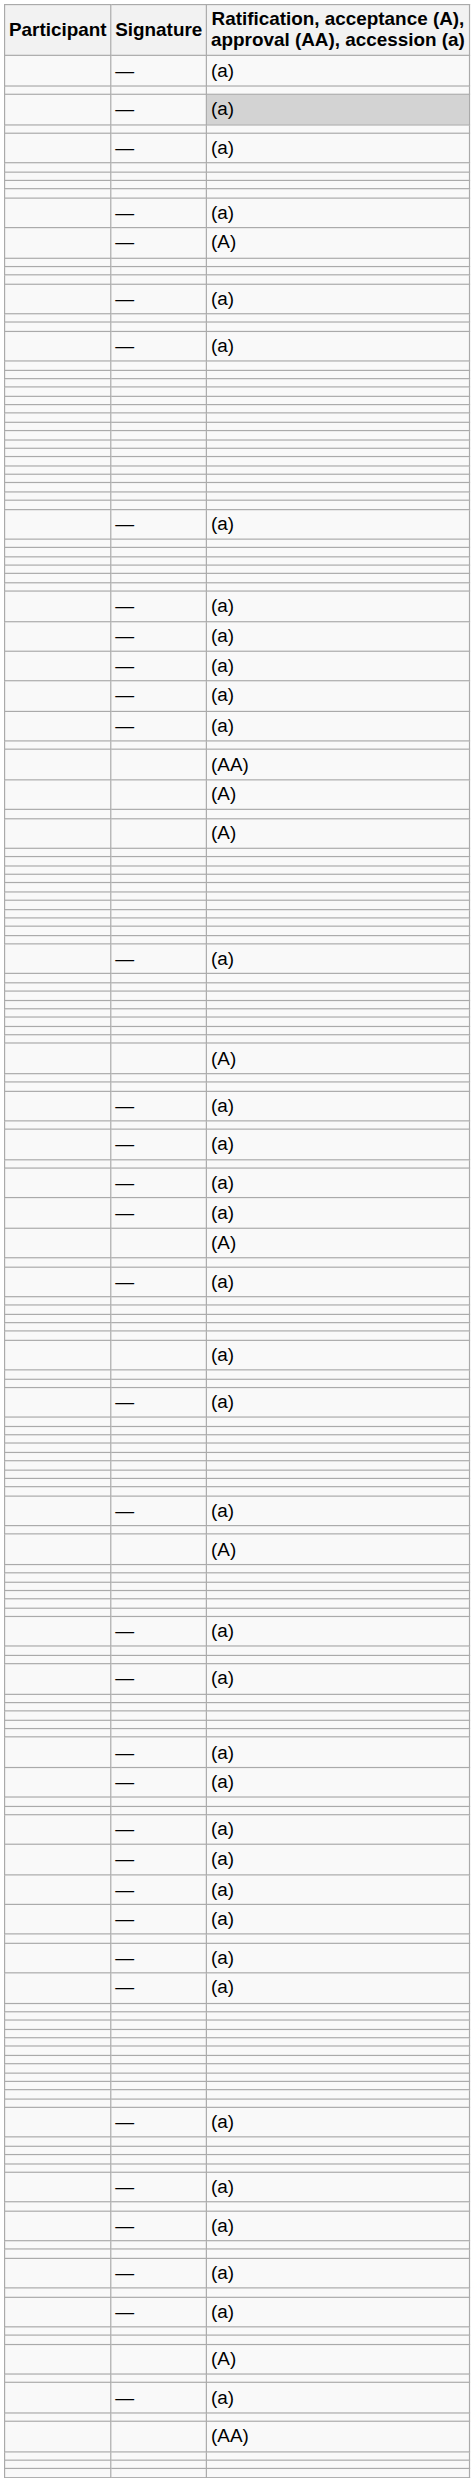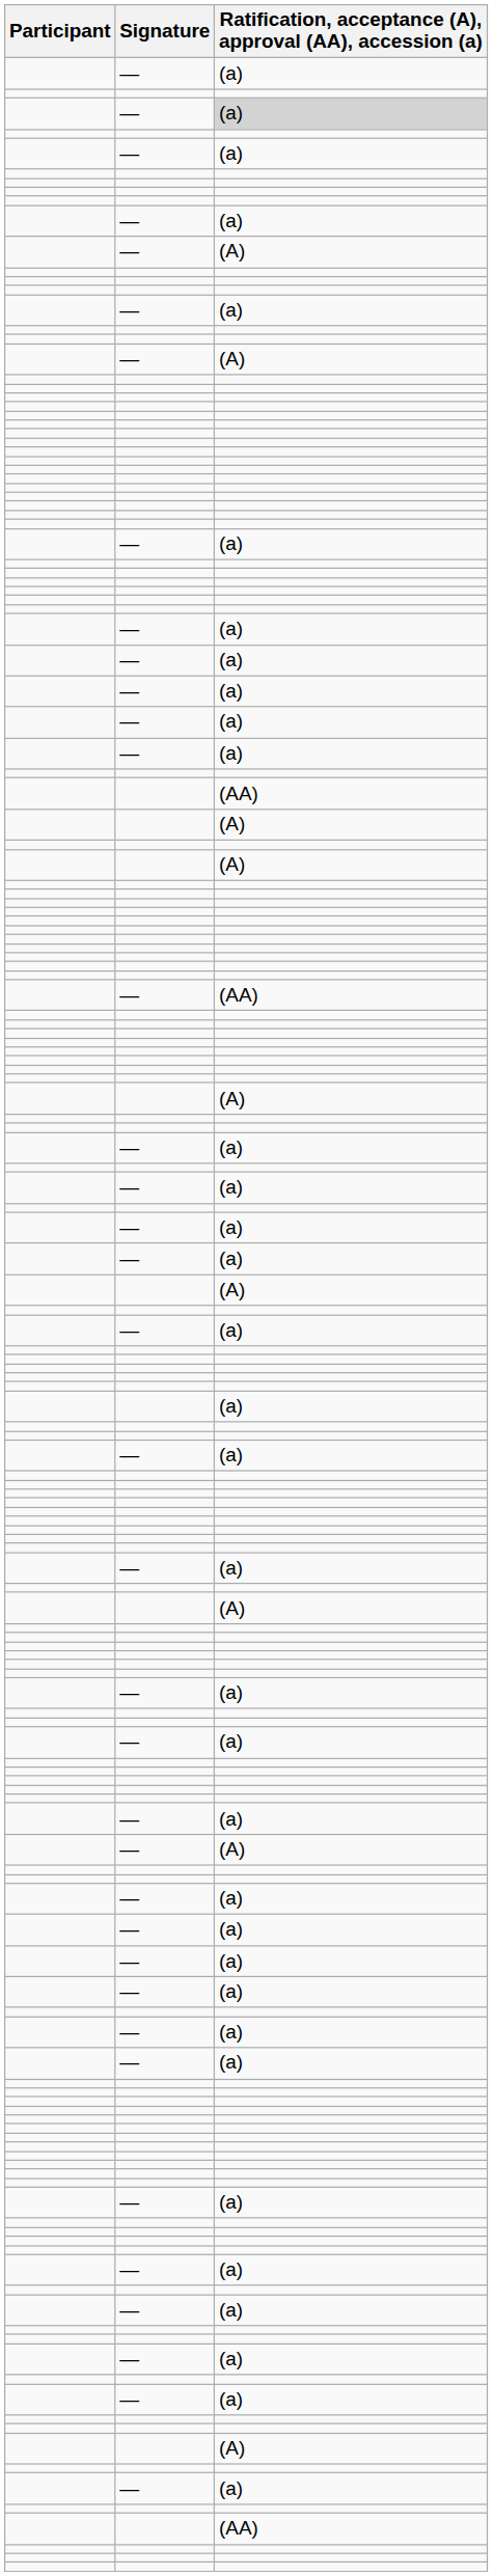 <table class="wikitable sortable">
 <tr>
 <th>Participant</th>
 <th>Signature</th>
 <th>Ratification, acceptance (A),<br>approval (AA), accession (a)</th>
 </tr>
 <tr>
 <td></td>
 <td>—</td>
 <td> (a)</td>
 </tr>
 <tr>
 <td></td>
 <td></td>
 <td></td>
 </tr>
 <tr>
 <td></td>
 <td>—</td>
 <td style="background: lightgrey;"> (a)</td>
 </tr>
 <tr>
 <td></td>
 <td></td>
 <td></td>
 </tr>
 <tr>
 <td></td>
 <td>—</td>
 <td> (a)</td>
 </tr>
 <tr>
 <td></td>
 <td></td>
 <td></td>
 </tr>
 <tr>
 <td></td>
 <td></td>
 <td></td>
 </tr>
 <tr>
 <td></td>
 <td></td>
 <td></td>
 </tr>
 <tr>
 <td></td>
 <td></td>
 <td></td>
 </tr>
 <tr>
 <td></td>
 <td>—</td>
 <td> (a)</td>
 </tr>
 <tr>
 <td></td>
 <td>—</td>
 <td> (A)</td>
 </tr>
 <tr>
 <td></td>
 <td></td>
 <td></td>
 </tr>
 <tr>
 <td></td>
 <td></td>
 <td></td>
 </tr>
 <tr>
 <td></td>
 <td></td>
 <td></td>
 </tr>
 <tr>
 <td></td>
 <td>—</td>
 <td> (a)</td>
 </tr>
 <tr>
 <td></td>
 <td></td>
 <td></td>
 </tr>
 <tr>
 <td></td>
 <td></td>
 <td></td>
 </tr>
 <tr>
 <td></td>
 <td>—</td>
-<td> (a)</td>
+<td> (A)</td>
 </tr>
 <tr>
 <td></td>
 <td></td>
 <td></td>
 </tr>
 <tr>
 <td></td>
 <td></td>
 <td></td>
 </tr>
 <tr>
 <td></td>
 <td></td>
 <td></td>
 </tr>
 <tr>
 <td></td>
 <td></td>
 <td></td>
 </tr>
 <tr>
 <td></td>
 <td></td>
 <td></td>
 </tr>
 <tr>
 <td></td>
 <td></td>
 <td></td>
 </tr>
 <tr>
 <td></td>
 <td></td>
 <td></td>
 </tr>
 <tr>
 <td></td>
 <td></td>
 <td></td>
 </tr>
 <tr>
 <td></td>
 <td></td>
 <td></td>
 </tr>
 <tr>
 <td></td>
 <td></td>
 <td></td>
 </tr>
 <tr>
 <td></td>
 <td></td>
 <td></td>
 </tr>
 <tr>
 <td></td>
 <td></td>
 <td></td>
 </tr>
 <tr>
 <td></td>
 <td></td>
 <td></td>
 </tr>
 <tr>
 <td></td>
 <td></td>
 <td></td>
 </tr>
 <tr>
 <td></td>
 <td></td>
 <td></td>
 </tr>
 <tr>
 <td></td>
 <td></td>
 <td></td>
 </tr>
 <tr>
 <td></td>
 <td></td>
 <td></td>
 </tr>
 <tr>
 <td></td>
 <td>—</td>
 <td> (a)</td>
 </tr>
 <tr>
 <td></td>
 <td></td>
 <td></td>
 </tr>
 <tr>
 <td></td>
 <td></td>
 <td></td>
 </tr>
 <tr>
 <td></td>
 <td></td>
 <td></td>
 </tr>
 <tr>
 <td></td>
 <td></td>
 <td></td>
 </tr>
 <tr>
 <td></td>
 <td></td>
 <td></td>
 </tr>
 <tr>
 <td></td>
 <td></td>
 <td></td>
 </tr>
 <tr>
 <td></td>
 <td>—</td>
 <td> (a)</td>
 </tr>
 <tr>
 <td></td>
 <td>—</td>
 <td> (a)</td>
 </tr>
 <tr>
 <td></td>
 <td>—</td>
 <td> (a)</td>
 </tr>
 <tr>
 <td></td>
 <td>—</td>
 <td> (a)</td>
 </tr>
 <tr>
 <td></td>
 <td>—</td>
 <td> (a)</td>
 </tr>
 <tr>
 <td></td>
 <td></td>
 <td></td>
 </tr>
 <tr>
 <td></td>
 <td></td>
 <td> (AA)</td>
 </tr>
 <tr>
 <td></td>
 <td></td>
 <td> (A)</td>
 </tr>
 <tr>
 <td></td>
 <td></td>
 <td></td>
 </tr>
 <tr>
 <td></td>
 <td></td>
 <td> (A)</td>
 </tr>
 <tr>
 <td></td>
 <td></td>
 <td></td>
 </tr>
 <tr>
 <td></td>
 <td></td>
 <td></td>
 </tr>
 <tr>
 <td></td>
 <td></td>
 <td></td>
 </tr>
 <tr>
 <td></td>
 <td></td>
 <td></td>
 </tr>
 <tr>
 <td></td>
 <td></td>
 <td></td>
 </tr>
 <tr>
 <td></td>
 <td></td>
 <td></td>
 </tr>
 <tr>
 <td></td>
 <td></td>
 <td></td>
 </tr>
 <tr>
 <td></td>
 <td></td>
 <td></td>
 </tr>
 <tr>
 <td></td>
 <td></td>
 <td></td>
 </tr>
 <tr>
 <td></td>
 <td></td>
 <td></td>
 </tr>
 <tr>
 <td></td>
 <td></td>
 <td></td>
 </tr>
 <tr>
 <td></td>
 <td>—</td>
-<td> (a)</td>
+<td> (AA)</td>
 </tr>
 <tr>
 <td></td>
 <td></td>
 <td></td>
 </tr>
 <tr>
 <td></td>
 <td></td>
 <td></td>
 </tr>
 <tr>
 <td></td>
 <td></td>
 <td></td>
 </tr>
 <tr>
 <td></td>
 <td></td>
 <td></td>
 </tr>
 <tr>
 <td></td>
 <td></td>
 <td></td>
 </tr>
 <tr>
 <td></td>
 <td></td>
 <td></td>
 </tr>
 <tr>
 <td></td>
 <td></td>
 <td></td>
 </tr>
 <tr>
 <td></td>
 <td></td>
 <td></td>
 </tr>
 <tr>
 <td></td>
 <td></td>
 <td> (A)</td>
 </tr>
 <tr>
 <td></td>
 <td></td>
 <td></td>
 </tr>
 <tr>
 <td></td>
 <td></td>
 <td></td>
 </tr>
 <tr>
 <td></td>
 <td>—</td>
 <td> (a)</td>
 </tr>
 <tr>
 <td></td>
 <td></td>
 <td></td>
 </tr>
 <tr>
 <td></td>
 <td>—</td>
 <td> (a)</td>
 </tr>
 <tr>
 <td></td>
 <td></td>
 <td></td>
 </tr>
 <tr>
 <td></td>
 <td>—</td>
 <td> (a)</td>
 </tr>
 <tr>
 <td></td>
 <td>—</td>
 <td> (a)</td>
 </tr>
 <tr>
 <td></td>
 <td></td>
 <td> (A)</td>
 </tr>
 <tr>
 <td></td>
 <td></td>
 <td></td>
 </tr>
 <tr>
 <td></td>
 <td>—</td>
 <td> (a)</td>
 </tr>
 <tr>
 <td></td>
 <td></td>
 <td></td>
 </tr>
 <tr>
 <td></td>
 <td></td>
 <td></td>
 </tr>
 <tr>
 <td></td>
 <td></td>
 <td></td>
 </tr>
 <tr>
 <td></td>
 <td></td>
 <td></td>
 </tr>
 <tr>
 <td></td>
 <td></td>
 <td></td>
 </tr>
 <tr>
 <td></td>
 <td></td>
 <td> (a)</td>
 </tr>
 <tr>
 <td></td>
 <td></td>
 <td></td>
 </tr>
 <tr>
 <td></td>
 <td></td>
 <td></td>
 </tr>
 <tr>
 <td></td>
 <td>—</td>
 <td> (a)</td>
 </tr>
 <tr>
 <td></td>
 <td></td>
 <td></td>
 </tr>
 <tr>
 <td></td>
 <td></td>
 <td></td>
 </tr>
 <tr>
 <td></td>
 <td></td>
 <td></td>
 </tr>
 <tr>
 <td></td>
 <td></td>
 <td></td>
 </tr>
 <tr>
 <td></td>
 <td></td>
 <td></td>
 </tr>
 <tr>
 <td></td>
 <td></td>
 <td></td>
 </tr>
 <tr>
 <td></td>
 <td></td>
 <td></td>
 </tr>
 <tr>
 <td></td>
 <td></td>
 <td></td>
 </tr>
 <tr>
 <td></td>
 <td></td>
 <td></td>
 </tr>
 <tr>
 <td></td>
 <td>—</td>
 <td> (a)</td>
 </tr>
 <tr>
 <td></td>
 <td></td>
 <td></td>
 </tr>
 <tr>
 <td></td>
 <td></td>
 <td> (A)</td>
 </tr>
 <tr>
 <td></td>
 <td></td>
 <td></td>
 </tr>
 <tr>
 <td></td>
 <td></td>
 <td></td>
 </tr>
 <tr>
 <td></td>
 <td></td>
 <td></td>
 </tr>
 <tr>
 <td></td>
 <td></td>
 <td></td>
 </tr>
 <tr>
 <td></td>
 <td></td>
 <td></td>
 </tr>
 <tr>
 <td></td>
 <td></td>
 <td></td>
 </tr>
 <tr>
 <td></td>
 <td>—</td>
 <td> (a)</td>
 </tr>
 <tr>
 <td></td>
 <td></td>
 <td></td>
 </tr>
 <tr>
 <td></td>
 <td></td>
 <td></td>
 </tr>
 <tr>
 <td></td>
 <td>—</td>
 <td> (a)</td>
 </tr>
 <tr>
 <td></td>
 <td></td>
 <td></td>
 </tr>
 <tr>
 <td></td>
 <td></td>
 <td></td>
 </tr>
 <tr>
 <td></td>
 <td></td>
 <td></td>
 </tr>
 <tr>
 <td></td>
 <td></td>
 <td></td>
 </tr>
 <tr>
 <td></td>
 <td></td>
 <td></td>
 </tr>
 <tr>
 <td></td>
 <td>—</td>
 <td> (a)</td>
 </tr>
 <tr>
 <td></td>
 <td>—</td>
-<td> (a)</td>
+<td> (A)</td>
 </tr>
 <tr>
 <td></td>
 <td></td>
 <td></td>
 </tr>
 <tr>
 <td></td>
 <td></td>
 <td></td>
 </tr>
 <tr>
 <td></td>
 <td>—</td>
 <td> (a)</td>
 </tr>
 <tr>
 <td></td>
 <td>—</td>
 <td> (a)</td>
 </tr>
 <tr>
 <td></td>
 <td>—</td>
 <td> (a)</td>
 </tr>
 <tr>
 <td></td>
 <td>—</td>
 <td> (a)</td>
 </tr>
 <tr>
 <td></td>
 <td></td>
 <td></td>
 </tr>
 <tr>
 <td></td>
 <td>—</td>
 <td> (a)</td>
 </tr>
 <tr>
 <td></td>
 <td>—</td>
 <td> (a)</td>
 </tr>
 <tr>
 <td></td>
 <td></td>
 <td></td>
 </tr>
 <tr>
 <td></td>
 <td></td>
 <td></td>
 </tr>
 <tr>
 <td></td>
 <td></td>
 <td></td>
 </tr>
 <tr>
 <td></td>
 <td></td>
 <td></td>
 </tr>
 <tr>
 <td></td>
 <td></td>
 <td></td>
 </tr>
 <tr>
 <td></td>
 <td></td>
 <td></td>
 </tr>
 <tr>
 <td></td>
 <td></td>
 <td></td>
 </tr>
 <tr>
 <td></td>
 <td></td>
 <td></td>
 </tr>
 <tr>
 <td></td>
 <td></td>
 <td></td>
 </tr>
 <tr>
 <td></td>
 <td></td>
 <td></td>
 </tr>
 <tr>
 <td></td>
 <td></td>
 <td></td>
 </tr>
 <tr>
 <td></td>
 <td></td>
 <td></td>
 </tr>
 <tr>
 <td></td>
 <td>—</td>
 <td> (a)</td>
 </tr>
 <tr>
 <td></td>
 <td></td>
 <td></td>
 </tr>
 <tr>
 <td></td>
 <td></td>
 <td></td>
 </tr>
 <tr>
 <td></td>
 <td></td>
 <td></td>
 </tr>
 <tr>
 <td></td>
 <td></td>
 <td></td>
 </tr>
 <tr>
 <td></td>
 <td>—</td>
 <td> (a)</td>
 </tr>
 <tr>
 <td></td>
 <td></td>
 <td></td>
 </tr>
 <tr>
 <td></td>
 <td>—</td>
 <td> (a)</td>
 </tr>
 <tr>
 <td></td>
 <td></td>
 <td></td>
 </tr>
 <tr>
 <td></td>
 <td></td>
 <td></td>
 </tr>
 <tr>
 <td></td>
 <td>—</td>
 <td> (a)</td>
 </tr>
 <tr>
 <td></td>
 <td></td>
 <td></td>
 </tr>
 <tr>
 <td></td>
 <td>—</td>
 <td> (a)</td>
 </tr>
 <tr>
 <td></td>
 <td></td>
 <td></td>
 </tr>
 <tr>
 <td></td>
 <td></td>
 <td></td>
 </tr>
 <tr>
 <td></td>
 <td></td>
 <td> (A)</td>
 </tr>
 <tr>
 <td></td>
 <td></td>
 <td></td>
 </tr>
 <tr>
 <td></td>
 <td>—</td>
 <td> (a)</td>
 </tr>
 <tr>
 <td></td>
 <td></td>
 <td></td>
 </tr>
 <tr>
 <td></td>
 <td></td>
 <td> (AA)</td>
 </tr>
 <tr>
 <td></td>
 <td></td>
 <td></td>
 </tr>
 <tr>
 <td></td>
 <td></td>
 <td></td>
 </tr>
 <tr>
 <td></td>
 <td></td>
 <td></td>
 </tr>
 <tr>
 </tr>
 </table>
